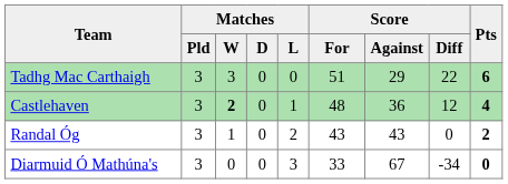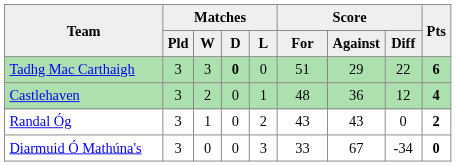 <table style=border-collapse:collapse border=1 cellspacing=0 cellpadding=5>
 <tr align=center bgcolor=#efefef>
 <th rowspan=2 width=165>Team</th>
 <th colspan=4>Matches</th>
 <th colspan=3>Score</th>
 <th rowspan=2width=20>Pts</th>
 </tr>
 <tr align=center bgcolor=#efefef>
 <th width=20>Pld</th>
 <th width=20>W</th>
 <th width=20>D</th>
 <th width=20>L</th>
 <th width=45>For</th>
 <th width=45>Against</th>
 <th width=30>Diff</th>
 </tr>
 <tr align=center style="background:#ACE1AF;">
 <td style="text-align:left;"><a href='#'>Tadhg Mac Carthaigh</a></td>
 <td>3</td>
 <td>3</td>
-<td>0</td>
+<td><strong>0</strong></td>
 <td>0</td>
 <td>51</td>
 <td>29</td>
 <td>22</td>
 <td><strong>6</strong></td>
 </tr>
 <tr align=center style="background:#ACE1AF;">
 <td style="text-align:left;"><a href='#'>Castlehaven</a></td>
 <td>3</td>
-<td><strong>2</strong></td>
+<td>2</td>
 <td>0</td>
 <td>1</td>
 <td>48</td>
 <td>36</td>
 <td>12</td>
 <td><strong>4</strong></td>
 </tr>
 <tr align=center>
 <td style="text-align:left;"><a href='#'>Randal Óg</a></td>
 <td>3</td>
 <td>1</td>
 <td>0</td>
 <td>2</td>
 <td>43</td>
 <td>43</td>
 <td>0</td>
 <td><strong>2</strong></td>
 </tr>
 <tr align=center>
 <td style="text-align:left;"><a href='#'>Diarmuid Ó Mathúna's</a></td>
 <td>3</td>
 <td>0</td>
 <td>0</td>
 <td>3</td>
 <td>33</td>
 <td>67</td>
 <td>-34</td>
 <td><strong>0</strong></td>
 </tr>
 </table>
